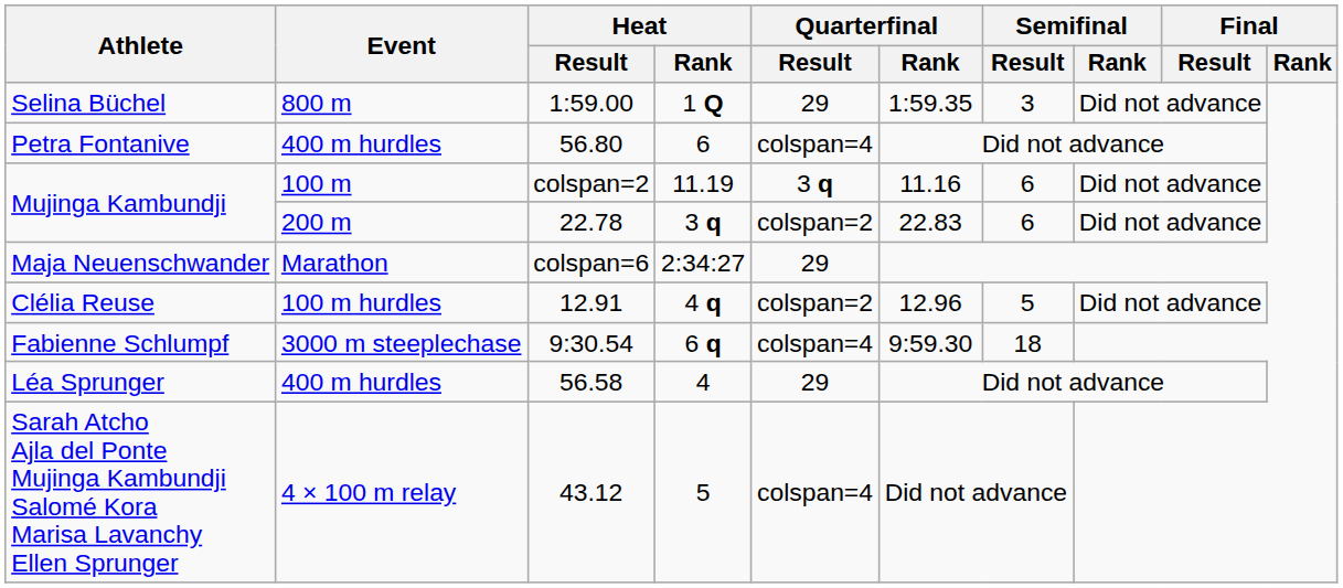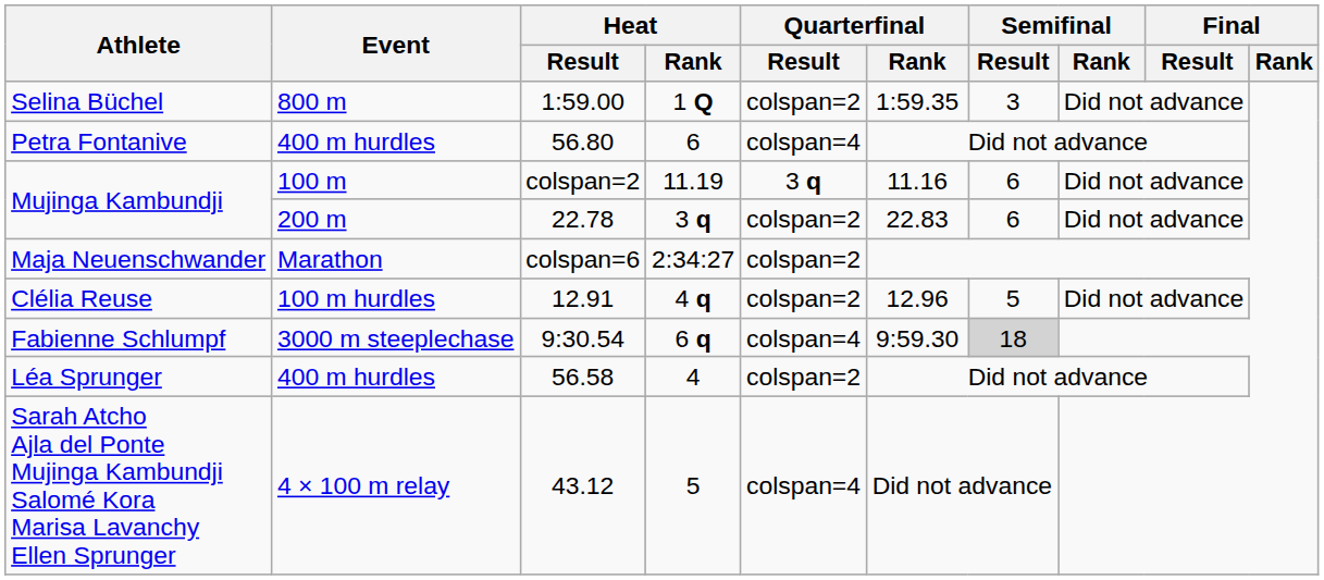 <table class="wikitable" style="font-size:90%">
 <tr>
 <th rowspan="2">Athlete</th>
 <th rowspan="2">Event</th>
 <th colspan="2">Heat</th>
 <th colspan="2">Quarterfinal</th>
 <th colspan="2">Semifinal</th>
 <th colspan="2">Final</th>
 </tr>
 <tr style="font-size:95%">
 <th>Result</th>
 <th>Rank</th>
 <th>Result</th>
 <th>Rank</th>
 <th>Result</th>
 <th>Rank</th>
 <th>Result</th>
 <th>Rank</th>
 </tr>
 <tr align=center>
 <td align=left><a href='#'>Selina Büchel</a></td>
 <td align=left><a href='#'>800 m</a></td>
 <td>1:59.00</td>
 <td>1 <strong>Q</strong></td>
-<td>29</td>
+<td>colspan=2 </td>
 <td>1:59.35</td>
 <td>3</td>
 <td colspan=2>Did not advance</td>
 </tr>
 <tr align=center>
 <td align=left><a href='#'>Petra Fontanive</a></td>
 <td align=left><a href='#'>400 m hurdles</a></td>
 <td>56.80</td>
 <td>6</td>
 <td>colspan=4 </td>
 <td colspan=4>Did not advance</td>
 </tr>
 <tr align=center>
 <td align=left rowspan=2><a href='#'>Mujinga Kambundji</a></td>
 <td align=left><a href='#'>100 m</a></td>
 <td>colspan=2 </td>
 <td>11.19</td>
 <td>3 <strong>q</strong></td>
 <td>11.16</td>
 <td>6</td>
 <td colspan=2>Did not advance</td>
 </tr>
 <tr align=center>
 <td align=left><a href='#'>200 m</a></td>
 <td>22.78</td>
 <td>3 <strong>q</strong></td>
 <td>colspan=2 </td>
 <td>22.83</td>
 <td>6</td>
 <td colspan=2>Did not advance</td>
 </tr>
 <tr align=center>
 <td align=left><a href='#'>Maja Neuenschwander</a></td>
 <td align=left><a href='#'>Marathon</a></td>
 <td>colspan=6 </td>
 <td>2:34:27</td>
-<td>29</td>
+<td>colspan=2 </td>
 </tr>
 <tr align=center>
 <td align=left><a href='#'>Clélia Reuse</a></td>
 <td align=left><a href='#'>100 m hurdles</a></td>
 <td>12.91</td>
 <td>4 <strong>q</strong></td>
 <td>colspan=2 </td>
 <td>12.96</td>
 <td>5</td>
 <td colspan=2>Did not advance</td>
 </tr>
 <tr align=center>
 <td align=left><a href='#'>Fabienne Schlumpf</a></td>
 <td align=left><a href='#'>3000 m steeplechase</a></td>
 <td>9:30.54</td>
 <td>6 <strong>q</strong></td>
 <td>colspan=4 </td>
 <td>9:59.30</td>
-<td>18</td>
+<td style="background: lightgrey;">18</td>
 </tr>
 <tr align=center>
 <td align=left><a href='#'>Léa Sprunger</a></td>
 <td align=left><a href='#'>400 m hurdles</a></td>
 <td>56.58</td>
 <td>4</td>
-<td>29</td>
+<td>colspan=2 </td>
 <td colspan=4>Did not advance</td>
 </tr>
 <tr align=center>
 <td align=left><a href='#'>Sarah Atcho</a><br><a href='#'>Ajla del Ponte</a><br><a href='#'>Mujinga Kambundji</a><br><a href='#'>Salomé Kora</a><br><a href='#'>Marisa Lavanchy</a><br><a href='#'>Ellen Sprunger</a></td>
 <td align=left><a href='#'>4 × 100 m relay</a></td>
 <td>43.12</td>
 <td>5</td>
 <td>colspan=4 </td>
 <td colspan=2>Did not advance</td>
 </tr>
 </table>
